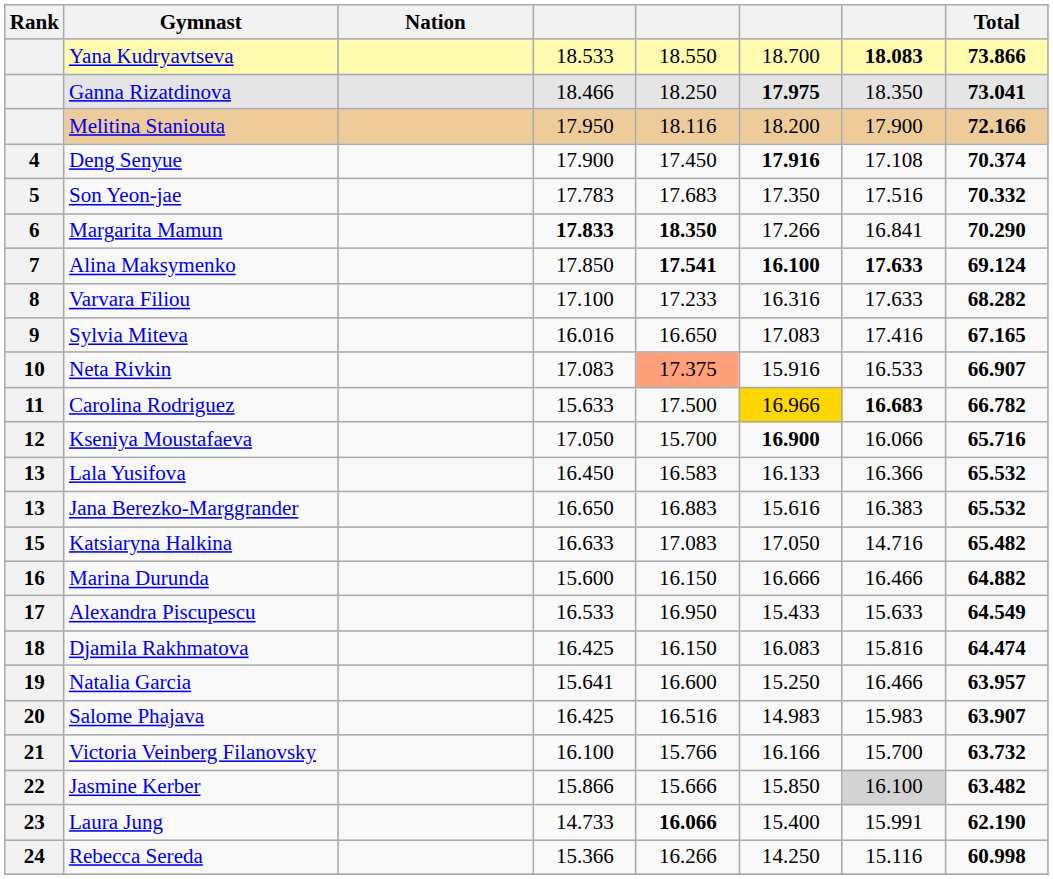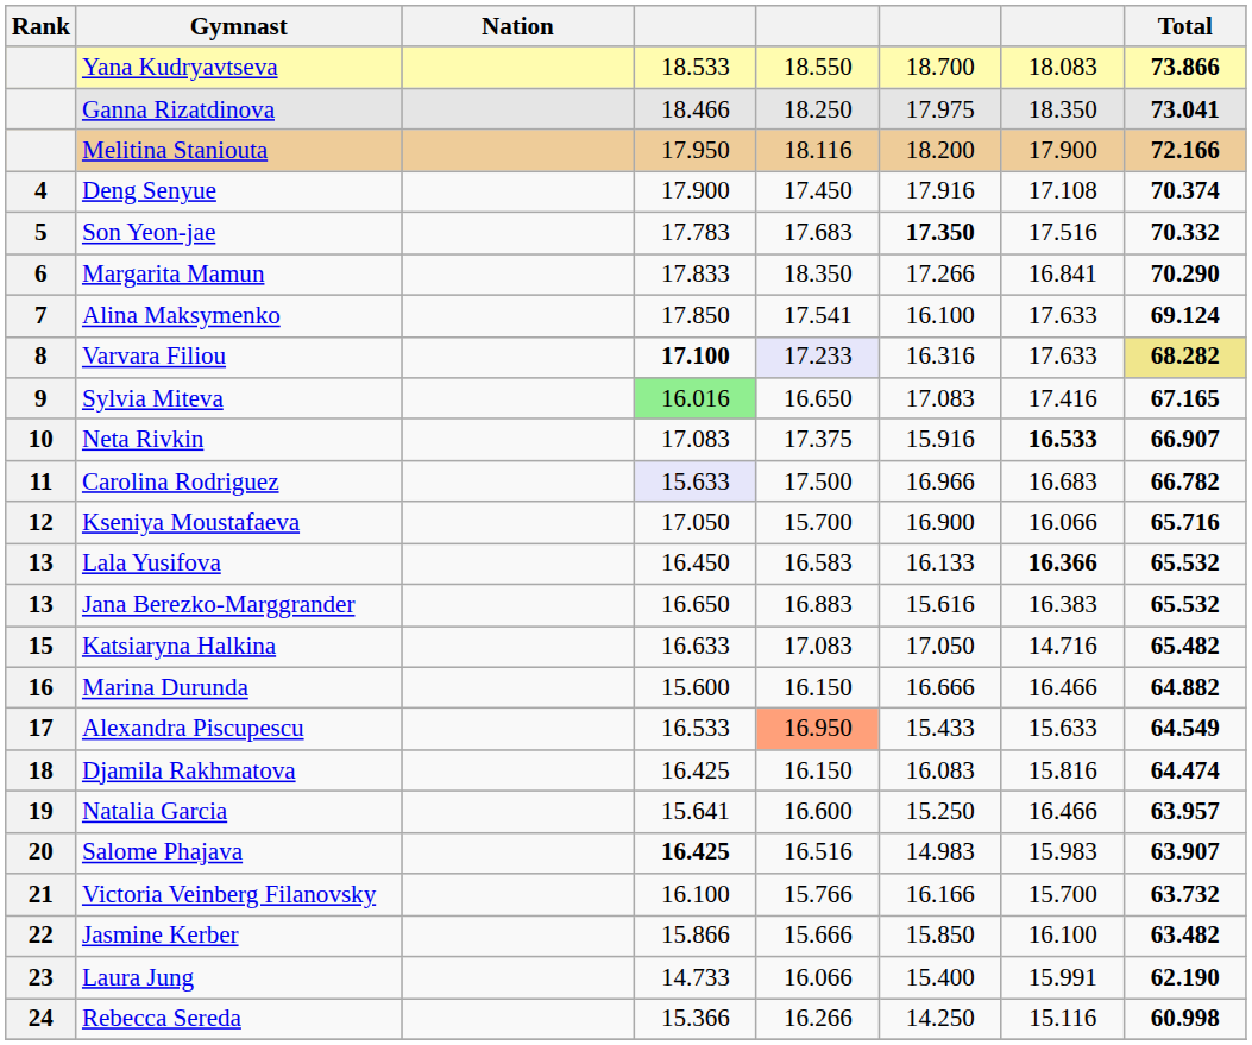 <table class="wikitable sortable" style="text-align:center; font-size:85%">
 <tr>
 <th scope="col" style="width:20px;">Rank</th>
 <th ! scope="col" style="width:170px;">Gymnast</th>
 <th ! scope="col" style="width:120px;">Nation</th>
 <th ! scope="col" style="width:60px;"></th>
 <th ! scope="col" style="width:60px;"></th>
 <th ! scope="col" style="width:60px;"></th>
 <th ! scope="col" style="width:60px;"></th>
 <th ! scope="col" style="width:60px;">Total</th>
 </tr>
 <tr bgcolor=fffcaf>
 <th scope=row></th>
 <td align=left><a href='#'>Yana Kudryavtseva</a></td>
 <td style="text-align:left;"></td>
 <td>18.533</td>
 <td>18.550</td>
 <td>18.700</td>
-<td><strong>18.083</strong></td>
+<td>18.083</td>
 <td><strong>73.866</strong></td>
 </tr>
 <tr bgcolor=e5e5e5>
 <th scope=row></th>
 <td align=left><a href='#'>Ganna Rizatdinova</a></td>
 <td style="text-align:left;"></td>
 <td>18.466</td>
 <td>18.250</td>
-<td><strong>17.975</strong></td>
+<td>17.975</td>
 <td>18.350</td>
 <td><strong>73.041</strong></td>
 </tr>
 <tr bgcolor=eecc99>
 <th scope=row></th>
 <td align=left><a href='#'>Melitina Staniouta</a></td>
 <td style="text-align:left;"></td>
 <td>17.950</td>
 <td>18.116</td>
 <td>18.200</td>
 <td>17.900</td>
 <td><strong>72.166</strong></td>
 </tr>
 <tr>
 <th scope=row>4</th>
 <td align=left><a href='#'>Deng Senyue</a></td>
 <td style="text-align:left;"></td>
 <td>17.900</td>
 <td>17.450</td>
-<td><strong>17.916</strong></td>
+<td>17.916</td>
 <td>17.108</td>
 <td><strong>70.374</strong></td>
 </tr>
 <tr>
 <th scope=row>5</th>
 <td align=left><a href='#'>Son Yeon-jae</a></td>
 <td style="text-align:left;"></td>
 <td>17.783</td>
 <td>17.683</td>
-<td>17.350</td>
+<td><strong>17.350</strong></td>
 <td>17.516</td>
 <td><strong>70.332</strong></td>
 </tr>
 <tr>
 <th scope=row>6</th>
 <td align=left><a href='#'>Margarita Mamun</a></td>
 <td style="text-align:left;"></td>
-<td><strong>17.833</strong></td>
-<td><strong>18.350</strong></td>
+<td>17.833</td>
+<td>18.350</td>
 <td>17.266</td>
 <td>16.841</td>
 <td><strong>70.290</strong></td>
 </tr>
 <tr>
 <th scope=row>7</th>
 <td align=left><a href='#'>Alina Maksymenko</a></td>
 <td style="text-align:left;"></td>
 <td>17.850</td>
-<td><strong>17.541</strong></td>
-<td><strong>16.100</strong></td>
-<td><strong>17.633</strong></td>
+<td>17.541</td>
+<td>16.100</td>
+<td>17.633</td>
 <td><strong>69.124</strong></td>
 </tr>
 <tr>
 <th scope=row>8</th>
 <td align=left><a href='#'>Varvara Filiou</a></td>
 <td style="text-align:left;"></td>
-<td>17.100</td>
-<td>17.233</td>
+<td><strong>17.100</strong></td>
+<td style="background: lavender;">17.233</td>
 <td>16.316</td>
 <td>17.633</td>
-<td><strong>68.282</strong></td>
+<td style="background: khaki;"><strong>68.282</strong></td>
 </tr>
 <tr>
 <th scope=row>9</th>
 <td align=left><a href='#'>Sylvia Miteva</a></td>
 <td style="text-align:left;"></td>
-<td>16.016</td>
+<td style="background: lightgreen;">16.016</td>
 <td>16.650</td>
 <td>17.083</td>
 <td>17.416</td>
 <td><strong>67.165</strong></td>
 </tr>
 <tr>
 <th scope=row>10</th>
 <td align=left><a href='#'>Neta Rivkin</a></td>
 <td style="text-align:left;"></td>
 <td>17.083</td>
-<td style="background: lightsalmon;">17.375</td>
+<td>17.375</td>
 <td>15.916</td>
-<td>16.533</td>
+<td><strong>16.533</strong></td>
 <td><strong>66.907</strong></td>
 </tr>
 <tr>
 <th scope=row>11</th>
 <td align=left><a href='#'>Carolina Rodriguez</a></td>
 <td style="text-align:left;"></td>
-<td>15.633</td>
+<td style="background: lavender;">15.633</td>
 <td>17.500</td>
-<td style="background: gold;">16.966</td>
-<td><strong>16.683</strong></td>
+<td>16.966</td>
+<td>16.683</td>
 <td><strong>66.782</strong></td>
 </tr>
 <tr>
 <th scope=row>12</th>
 <td align=left><a href='#'>Kseniya Moustafaeva</a></td>
 <td style="text-align:left;"></td>
 <td>17.050</td>
 <td>15.700</td>
-<td><strong>16.900</strong></td>
+<td>16.900</td>
 <td>16.066</td>
 <td><strong>65.716</strong></td>
 </tr>
 <tr>
 <th scope=row>13</th>
 <td align=left><a href='#'>Lala Yusifova</a></td>
 <td style="text-align:left;"></td>
 <td>16.450</td>
 <td>16.583</td>
 <td>16.133</td>
-<td>16.366</td>
+<td><strong>16.366</strong></td>
 <td><strong>65.532</strong></td>
 </tr>
 <tr>
 <th scope=row>13</th>
 <td align=left><a href='#'>Jana Berezko-Marggrander</a></td>
 <td style="text-align:left;"></td>
 <td>16.650</td>
 <td>16.883</td>
 <td>15.616</td>
 <td>16.383</td>
 <td><strong>65.532</strong></td>
 </tr>
 <tr>
 <th scope=row>15</th>
 <td align=left><a href='#'>Katsiaryna Halkina</a></td>
 <td style="text-align:left;"></td>
 <td>16.633</td>
 <td>17.083</td>
 <td>17.050</td>
 <td>14.716</td>
 <td><strong>65.482</strong></td>
 </tr>
 <tr>
 <th scope=row>16</th>
 <td align=left><a href='#'>Marina Durunda</a></td>
 <td style="text-align:left;"></td>
 <td>15.600</td>
 <td>16.150</td>
 <td>16.666</td>
 <td>16.466</td>
 <td><strong>64.882</strong></td>
 </tr>
 <tr>
 <th scope=row>17</th>
 <td align=left><a href='#'>Alexandra Piscupescu</a></td>
 <td style="text-align:left;"></td>
 <td>16.533</td>
-<td>16.950</td>
+<td style="background: lightsalmon;">16.950</td>
 <td>15.433</td>
 <td>15.633</td>
 <td><strong>64.549</strong></td>
 </tr>
 <tr>
 <th scope=row>18</th>
 <td align=left><a href='#'>Djamila Rakhmatova</a></td>
 <td style="text-align:left;"></td>
 <td>16.425</td>
 <td>16.150</td>
 <td>16.083</td>
 <td>15.816</td>
 <td><strong>64.474</strong></td>
 </tr>
 <tr>
 <th scope=row>19</th>
 <td align=left><a href='#'>Natalia Garcia</a></td>
 <td style="text-align:left;"></td>
 <td>15.641</td>
 <td>16.600</td>
 <td>15.250</td>
 <td>16.466</td>
 <td><strong>63.957</strong></td>
 </tr>
 <tr>
 <th scope=row>20</th>
 <td align=left><a href='#'>Salome Phajava</a></td>
 <td style="text-align:left;"></td>
-<td>16.425</td>
+<td><strong>16.425</strong></td>
 <td>16.516</td>
 <td>14.983</td>
 <td>15.983</td>
 <td><strong>63.907</strong></td>
 </tr>
 <tr>
 <th scope=row>21</th>
 <td align=left><a href='#'>Victoria Veinberg Filanovsky</a></td>
 <td style="text-align:left;"></td>
 <td>16.100</td>
 <td>15.766</td>
 <td>16.166</td>
 <td>15.700</td>
 <td><strong>63.732</strong></td>
 </tr>
 <tr>
 <th scope=row>22</th>
 <td align=left><a href='#'>Jasmine Kerber</a></td>
 <td style="text-align:left;"></td>
 <td>15.866</td>
 <td>15.666</td>
 <td>15.850</td>
-<td style="background: lightgrey;">16.100</td>
+<td>16.100</td>
 <td><strong>63.482</strong></td>
 </tr>
 <tr>
 <th scope=row>23</th>
 <td align=left><a href='#'>Laura Jung</a></td>
 <td style="text-align:left;"></td>
 <td>14.733</td>
-<td><strong>16.066</strong></td>
+<td>16.066</td>
 <td>15.400</td>
 <td>15.991</td>
 <td><strong>62.190</strong></td>
 </tr>
 <tr>
 <th scope=row>24</th>
 <td align=left><a href='#'>Rebecca Sereda</a></td>
 <td style="text-align:left;"></td>
 <td>15.366</td>
 <td>16.266</td>
 <td>14.250</td>
 <td>15.116</td>
 <td><strong>60.998</strong></td>
 </tr>
 <tr>
 </tr>
 </table>
